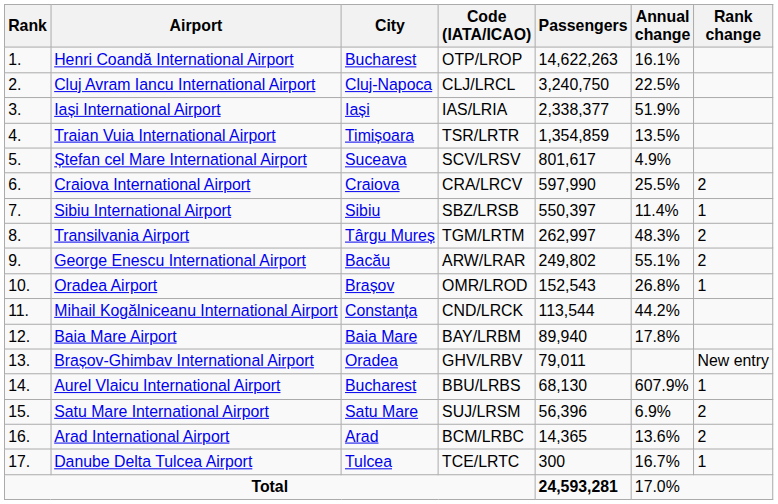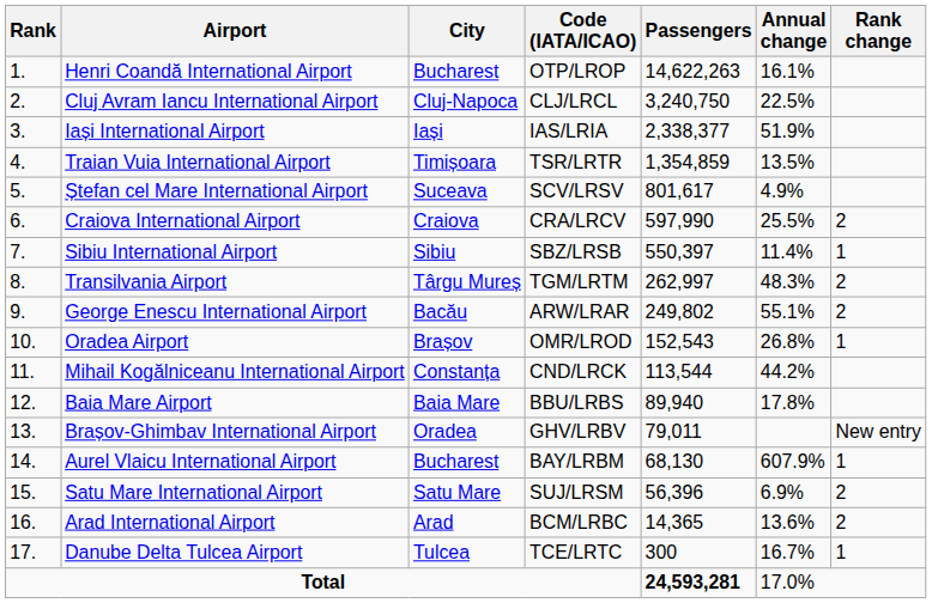 <table class="wikitable sortable">
 <tr>
 <th>Rank</th>
 <th>Airport</th>
 <th>City</th>
 <th>Code<br>(IATA/ICAO)</th>
 <th>Passengers</th>
 <th>Annual<br>change</th>
 <th>Rank<br>change</th>
 </tr>
 <tr>
 <td>1.</td>
 <td><a href='#'>Henri Coandă International Airport</a></td>
 <td><a href='#'>Bucharest</a></td>
 <td>OTP/LROP</td>
 <td>14,622,263</td>
 <td data-sort-value=16.1> 16.1%</td>
 <td></td>
 </tr>
 <tr>
 <td>2.</td>
 <td><a href='#'>Cluj Avram Iancu International Airport</a></td>
 <td><a href='#'>Cluj-Napoca</a></td>
 <td>CLJ/LRCL</td>
 <td>3,240,750</td>
 <td data-sort-value=22.5> 22.5%</td>
 <td></td>
 </tr>
 <tr>
 <td>3.</td>
 <td><a href='#'>Iași International Airport</a></td>
 <td><a href='#'>Iași</a></td>
 <td>IAS/LRIA</td>
 <td>2,338,377</td>
 <td data-sort-value=51.9> 51.9%</td>
 <td></td>
 </tr>
 <tr>
 <td>4.</td>
 <td><a href='#'>Traian Vuia International Airport</a></td>
 <td><a href='#'>Timișoara</a></td>
 <td>TSR/LRTR</td>
 <td>1,354,859</td>
 <td data-sort-value=13.5> 13.5%</td>
 <td></td>
 </tr>
 <tr>
 <td>5.</td>
 <td><a href='#'>Ștefan cel Mare International Airport</a></td>
 <td><a href='#'>Suceava</a></td>
 <td>SCV/LRSV</td>
 <td>801,617</td>
 <td data-sort-value=4.9> 4.9%</td>
 <td></td>
 </tr>
 <tr>
 <td>6.</td>
 <td><a href='#'>Craiova International Airport</a></td>
 <td><a href='#'>Craiova</a></td>
 <td>CRA/LRCV</td>
 <td>597,990</td>
 <td data-sort-value=25.5> 25.5%</td>
 <td>2</td>
 </tr>
 <tr>
 <td>7.</td>
 <td><a href='#'>Sibiu International Airport</a></td>
 <td><a href='#'>Sibiu</a></td>
 <td>SBZ/LRSB</td>
 <td>550,397</td>
 <td data-sort-value=-11.4> 11.4%</td>
 <td>1</td>
 </tr>
 <tr>
 <td>8.</td>
 <td><a href='#'>Transilvania Airport</a></td>
 <td><a href='#'>Târgu Mureș</a></td>
 <td>TGM/LRTM</td>
 <td>262,997</td>
 <td data-sort-value=48.3> 48.3%</td>
 <td>2</td>
 </tr>
 <tr>
 <td>9.</td>
 <td><a href='#'>George Enescu International Airport</a></td>
 <td><a href='#'>Bacău</a></td>
 <td>ARW/LRAR</td>
 <td>249,802</td>
 <td data-sort-value=-55.1> 55.1%</td>
 <td>2</td>
 </tr>
 <tr>
 <td>10.</td>
 <td><a href='#'>Oradea Airport</a></td>
 <td><a href='#'>Brașov</a></td>
 <td>OMR/LROD</td>
 <td>152,543</td>
 <td data-sort-value=-26.8> 26.8%</td>
 <td>1</td>
 </tr>
 <tr>
 <td>11.</td>
 <td><a href='#'>Mihail Kogălniceanu International Airport</a></td>
 <td><a href='#'>Constanța</a></td>
 <td>CND/LRCK</td>
 <td>113,544</td>
 <td data-sort-value=44.2> 44.2%</td>
 <td></td>
 </tr>
 <tr>
 <td>12.</td>
 <td><a href='#'>Baia Mare Airport</a></td>
 <td><a href='#'>Baia Mare</a></td>
-<td>BAY/LRBM</td>
+<td>BBU/LRBS</td>
 <td>89,940</td>
 <td data-sort-value=17.8> 17.8%</td>
 <td></td>
 </tr>
 <tr>
 <td>13.</td>
 <td><a href='#'>Brașov-Ghimbav International Airport</a></td>
 <td><a href='#'>Oradea</a></td>
 <td>GHV/LRBV</td>
 <td>79,011</td>
 <td></td>
 <td>New entry</td>
 </tr>
 <tr>
 <td>14.</td>
 <td><a href='#'>Aurel Vlaicu International Airport</a></td>
 <td><a href='#'>Bucharest</a></td>
-<td>BBU/LRBS</td>
+<td>BAY/LRBM</td>
 <td>68,130</td>
 <td data-sort-value=607.9> 607.9%</td>
 <td>1</td>
 </tr>
 <tr>
 <td>15.</td>
 <td><a href='#'>Satu Mare International Airport</a></td>
 <td><a href='#'>Satu Mare</a></td>
 <td>SUJ/LRSM</td>
 <td>56,396</td>
 <td data-sort-value=-6.9> 6.9%</td>
 <td>2</td>
 </tr>
 <tr>
 <td>16.</td>
 <td><a href='#'>Arad International Airport</a></td>
 <td><a href='#'>Arad</a></td>
 <td>BCM/LRBC</td>
 <td>14,365</td>
 <td data-sort-value=-13.6> 13.6%</td>
 <td>2</td>
 </tr>
 <tr>
 <td>17.</td>
 <td><a href='#'>Danube Delta Tulcea Airport</a></td>
 <td><a href='#'>Tulcea</a></td>
 <td>TCE/LRTC</td>
 <td>300</td>
 <td data-sort-value=-16.7> 16.7%</td>
 <td>1</td>
 </tr>
 <tr>
 <td colspan=4 align=center><strong>Total</strong></td>
 <td><strong>24,593,281</strong></td>
 <td colspan=2> 17.0%</td>
 </tr>
 </table>
